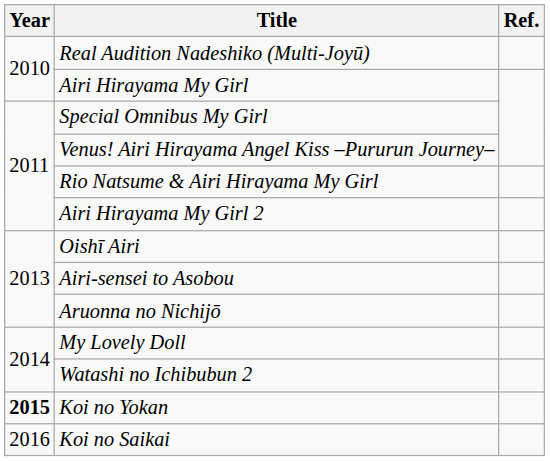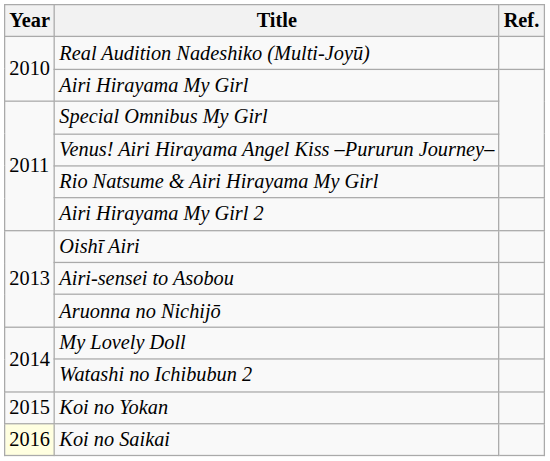 <table class="wikitable">
 <tr>
 <th>Year</th>
 <th>Title</th>
 <th>Ref.</th>
 </tr>
 <tr>
 <td rowspan="2">2010</td>
 <td><em>Real Audition Nadeshiko (Multi-Joyū)</em></td>
 <td></td>
 </tr>
 <tr>
 <td><em>Airi Hirayama My Girl</em></td>
 <td rowspan="3"></td>
 </tr>
 <tr>
 <td rowspan="4">2011</td>
 <td><em>Special Omnibus My Girl</em></td>
 </tr>
 <tr>
 <td><em>Venus! Airi Hirayama Angel Kiss –Pururun Journey–</em></td>
 </tr>
 <tr>
 <td><em>Rio Natsume & Airi Hirayama My Girl</em></td>
 <td></td>
 </tr>
 <tr>
 <td><em>Airi Hirayama My Girl 2</em></td>
 <td></td>
 </tr>
 <tr>
 <td rowspan="3">2013</td>
 <td><em>Oishī Airi</em></td>
 <td></td>
 </tr>
 <tr>
 <td><em>Airi-sensei to Asobou</em></td>
 <td></td>
 </tr>
 <tr>
 <td><em>Aruonna no Nichijō</em></td>
 <td></td>
 </tr>
 <tr>
 <td rowspan="2">2014</td>
 <td><em>My Lovely Doll</em></td>
 <td></td>
 </tr>
 <tr>
 <td><em>Watashi no Ichibubun 2</em></td>
 <td></td>
 </tr>
 <tr>
-<td><strong>2015</strong></td>
+<td>2015</td>
 <td><em>Koi no Yokan</em></td>
 <td></td>
 </tr>
 <tr>
-<td>2016</td>
+<td style="background: lightyellow;">2016</td>
 <td><em>Koi no Saikai</em></td>
 <td></td>
 </tr>
 </table>
